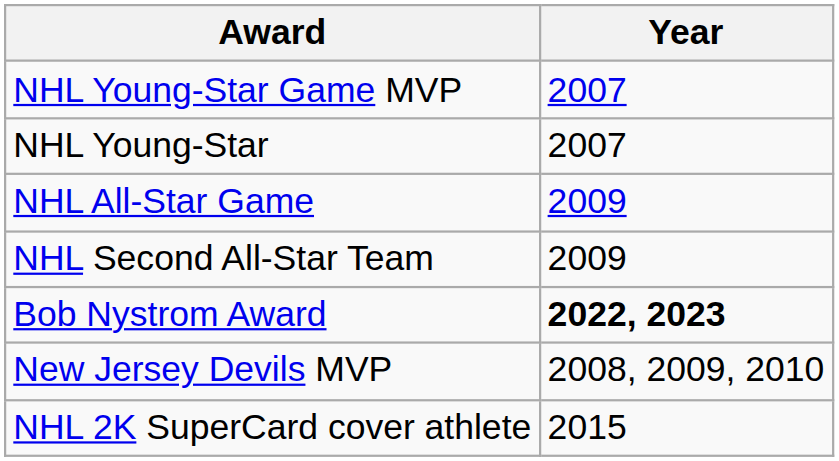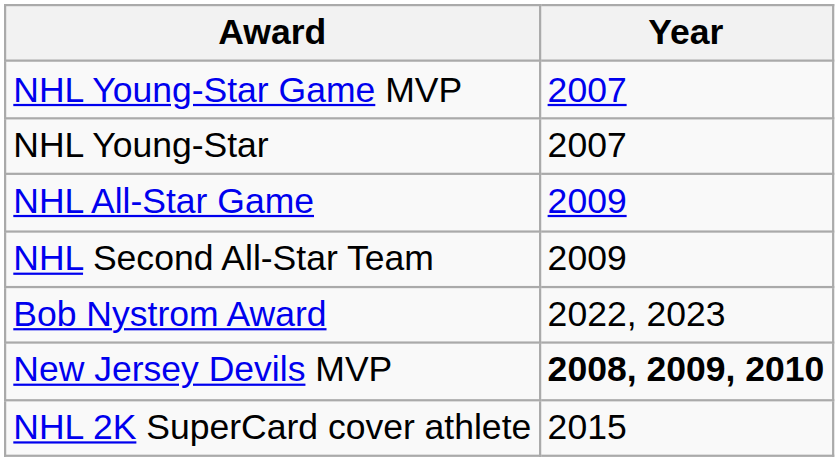 <table class="wikitable">
 <tr>
 <th>Award</th>
 <th>Year</th>
 </tr>
 <tr>
 <td><a href='#'>NHL Young-Star Game</a> MVP</td>
 <td><a href='#'>2007</a></td>
 </tr>
 <tr>
 <td>NHL Young-Star</td>
 <td>2007</td>
 </tr>
 <tr>
 <td><a href='#'>NHL All-Star Game</a></td>
 <td><a href='#'>2009</a></td>
 </tr>
 <tr>
 <td><a href='#'>NHL</a> Second All-Star Team</td>
 <td>2009</td>
 </tr>
 <tr>
 <td><a href='#'>Bob Nystrom Award</a></td>
-<td><strong>2022, 2023</strong></td>
+<td>2022, 2023</td>
 </tr>
 <tr>
 <td><a href='#'>New Jersey Devils</a> MVP</td>
-<td>2008, 2009, 2010</td>
+<td><strong>2008, 2009, 2010</strong></td>
 </tr>
 <tr>
 <td><a href='#'>NHL 2K</a> SuperCard cover athlete</td>
 <td>2015</td>
 </tr>
 </table>
